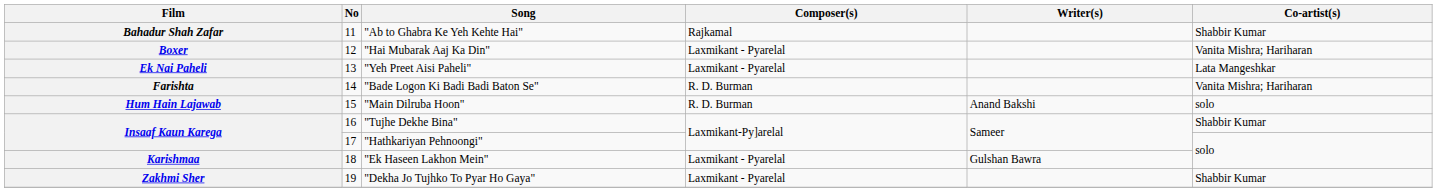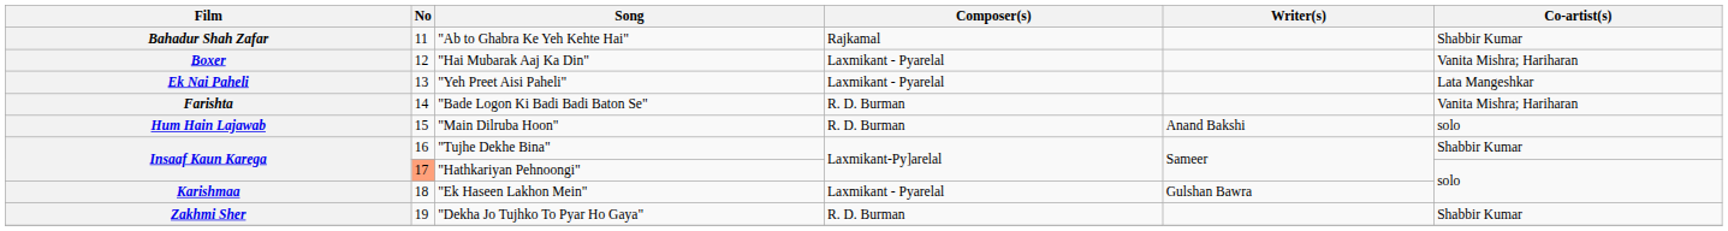 <table class="wikitable plainrowheaders" style="width:100%; textcolor:#000">
 <tr>
 <th scope="col" style="width:24%;">Film</th>
 <th>No</th>
 <th scope="col" style="width:23%;">Song</th>
 <th scope="col" style="width:20%;">Composer(s)</th>
 <th scope="col" style="width:16%;">Writer(s)</th>
 <th scope="col" style="width:18%;">Co-artist(s)</th>
 </tr>
 <tr>
 <th><em>Bahadur Shah Zafar</em></th>
 <td>11</td>
 <td>"Ab to Ghabra Ke Yeh Kehte Hai"</td>
 <td>Rajkamal</td>
 <td></td>
 <td>Shabbir Kumar</td>
 </tr>
 <tr>
 <th><em><a href='#'>Boxer</a></em></th>
 <td>12</td>
 <td>"Hai Mubarak Aaj Ka Din"</td>
 <td>Laxmikant - Pyarelal</td>
 <td></td>
 <td>Vanita Mishra; Hariharan</td>
 </tr>
 <tr>
 <th><em><a href='#'>Ek Nai Paheli</a></em></th>
 <td>13</td>
 <td>"Yeh Preet Aisi Paheli"</td>
 <td>Laxmikant - Pyarelal</td>
 <td></td>
 <td>Lata Mangeshkar</td>
 </tr>
 <tr>
 <th><em>Farishta</em></th>
 <td>14</td>
 <td>"Bade Logon Ki Badi Badi Baton Se"</td>
 <td>R. D. Burman</td>
 <td></td>
 <td>Vanita Mishra; Hariharan</td>
 </tr>
 <tr>
 <th><em><a href='#'>Hum Hain Lajawab</a></em></th>
 <td>15</td>
 <td>"Main Dilruba Hoon"</td>
 <td>R. D. Burman</td>
 <td>Anand Bakshi</td>
 <td>solo</td>
 </tr>
 <tr>
 <th rowspan=2><em><a href='#'>Insaaf Kaun Karega</a></em></th>
 <td>16</td>
 <td>"Tujhe Dekhe Bina"</td>
 <td rowspan=2>Laxmikant-Py]arelal</td>
 <td rowspan=2>Sameer</td>
 <td>Shabbir Kumar</td>
 </tr>
 <tr>
-<td>17</td>
+<td style="background: lightsalmon;">17</td>
 <td>"Hathkariyan Pehnoongi"</td>
 <td rowspan="2">solo</td>
 </tr>
 <tr>
 <th><em><a href='#'>Karishmaa</a></em></th>
 <td>18</td>
 <td>"Ek Haseen Lakhon Mein"</td>
 <td>Laxmikant - Pyarelal</td>
 <td>Gulshan Bawra</td>
 </tr>
 <tr>
 <th><em><a href='#'>Zakhmi Sher</a></em></th>
 <td>19</td>
 <td>"Dekha Jo Tujhko To Pyar Ho Gaya"</td>
-<td>Laxmikant - Pyarelal</td>
+<td>R. D. Burman</td>
 <td></td>
 <td>Shabbir Kumar</td>
 </tr>
 <tr>
 </tr>
 </table>
